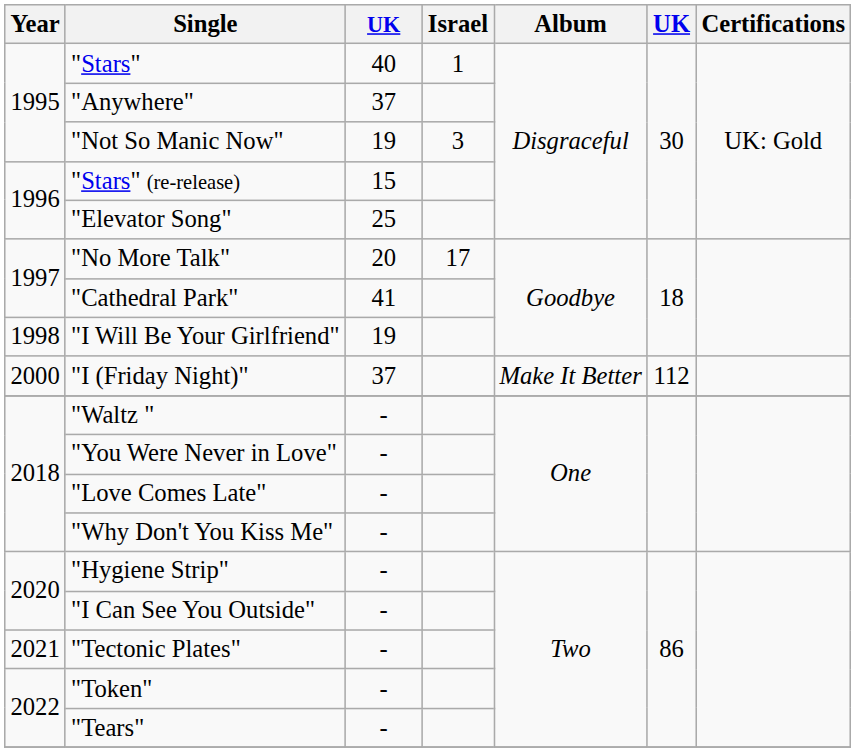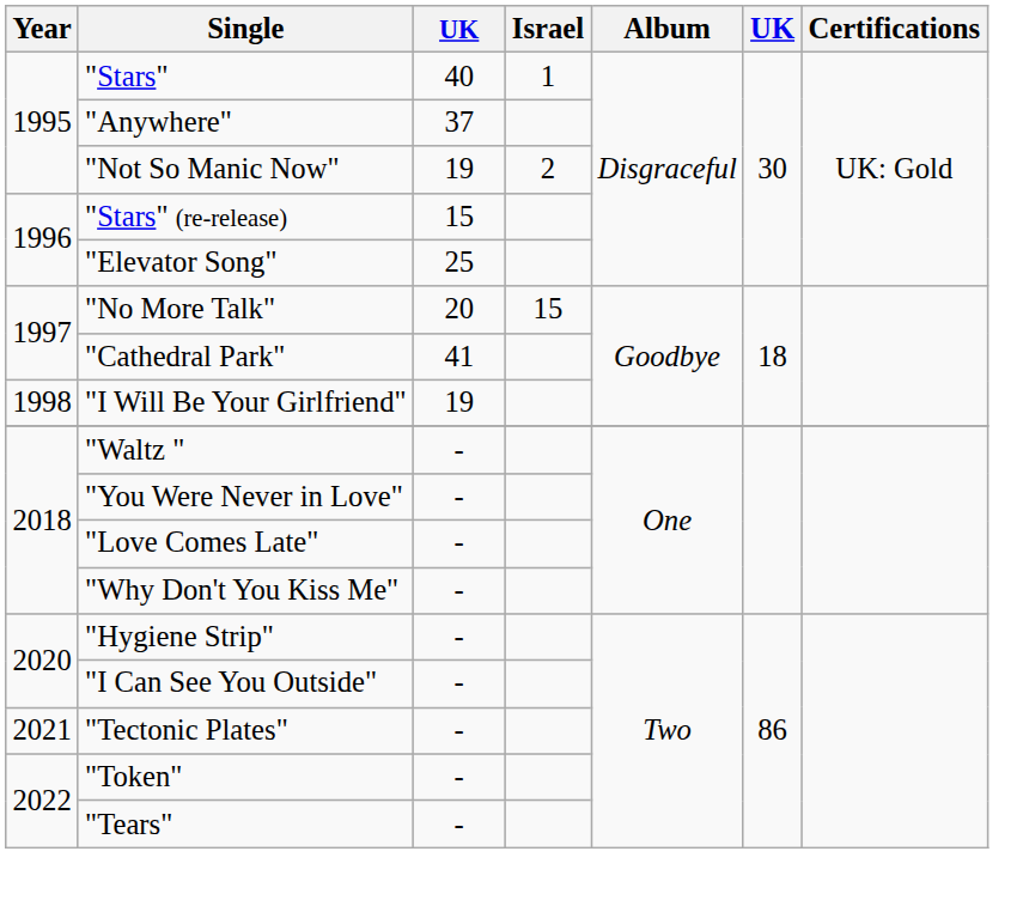 <table class="wikitable" style=text-align:center;>
 <tr>
 <th>Year</th>
 <th>Single</th>
 <th scope="col" style="width:3em;font-size:90%;"><a href='#'>UK</a><br></th>
 <th>Israel</th>
 <th>Album</th>
 <th><a href='#'>UK</a></th>
 <th>Certifications</th>
 </tr>
 <tr>
 <td rowspan=3>1995</td>
 <td align=left>"<a href='#'>Stars</a>"</td>
 <td>40</td>
 <td>1</td>
 <td rowspan=5><em>Disgraceful</em></td>
 <td rowspan="5">30</td>
 <td rowspan="5">UK: Gold</td>
 </tr>
 <tr>
 <td align=left>"Anywhere"</td>
 <td>37</td>
 <td></td>
 </tr>
 <tr>
 <td align=left>"Not So Manic Now"</td>
 <td>19</td>
-<td>3</td>
+<td>2</td>
 </tr>
 <tr>
 <td rowspan=2>1996</td>
 <td align=left>"<a href='#'>Stars</a>" <small>(re-release)</small></td>
 <td>15</td>
 <td></td>
 </tr>
 <tr>
 <td align=left>"Elevator Song"</td>
 <td>25</td>
 <td></td>
 </tr>
 <tr>
 <td rowspan=2>1997</td>
 <td align=left>"No More Talk"</td>
 <td>20</td>
-<td>17</td>
+<td>15</td>
 <td rowspan=3><em>Goodbye</em></td>
 <td rowspan="3">18</td>
 <td rowspan="3"></td>
 </tr>
 <tr>
 <td align=left>"Cathedral Park"</td>
 <td>41</td>
 <td></td>
 </tr>
 <tr>
 <td>1998</td>
 <td align=left>"I Will Be Your Girlfriend"</td>
 <td>19</td>
-<td></td>
-</tr>
-<tr>
-<td>2000</td>
-<td align=left>"I (Friday Night)"</td>
-<td>37</td>
-<td></td>
-<td><em>Make It Better</em></td>
-<td rowspan="1">112</td>
 <td></td>
 </tr>
 <tr>
 </tr>
 <tr>
 <td rowspan=4>2018</td>
 <td align=left>"Waltz "</td>
 <td>-</td>
 <td></td>
 <td rowspan=4><em>One</em></td>
 <td rowspan="4"></td>
 <td rowspan="4"></td>
 </tr>
 <tr>
 <td align=left>"You Were Never in Love"</td>
 <td>-</td>
 <td></td>
 </tr>
 <tr>
 <td align=left>"Love Comes Late"</td>
 <td>-</td>
 <td></td>
 </tr>
 <tr>
 <td align=left>"Why Don't You Kiss Me"</td>
 <td>-</td>
 <td></td>
 </tr>
 <tr>
 <td rowspan=2>2020</td>
 <td align=left>"Hygiene Strip"</td>
 <td>-</td>
 <td></td>
 <td rowspan=5><em>Two</em></td>
 <td rowspan="5”">86</td>
 <td rowspan="5”"></td>
 </tr>
 <tr>
 <td align=left>"I Can See You Outside"</td>
 <td>-</td>
 <td></td>
 </tr>
 <tr>
 <td rowspan-"1">2021</td>
 <td align=left>"Tectonic Plates"</td>
 <td>-</td>
 <td></td>
 </tr>
 <tr>
 <td rowspan="2">2022</td>
 <td align=left>"Token"</td>
 <td>-</td>
 <td></td>
 </tr>
 <tr>
 <td align=left>"Tears"</td>
 <td>-</td>
 <td></td>
 </tr>
 <tr>
 </tr>
 </table>
